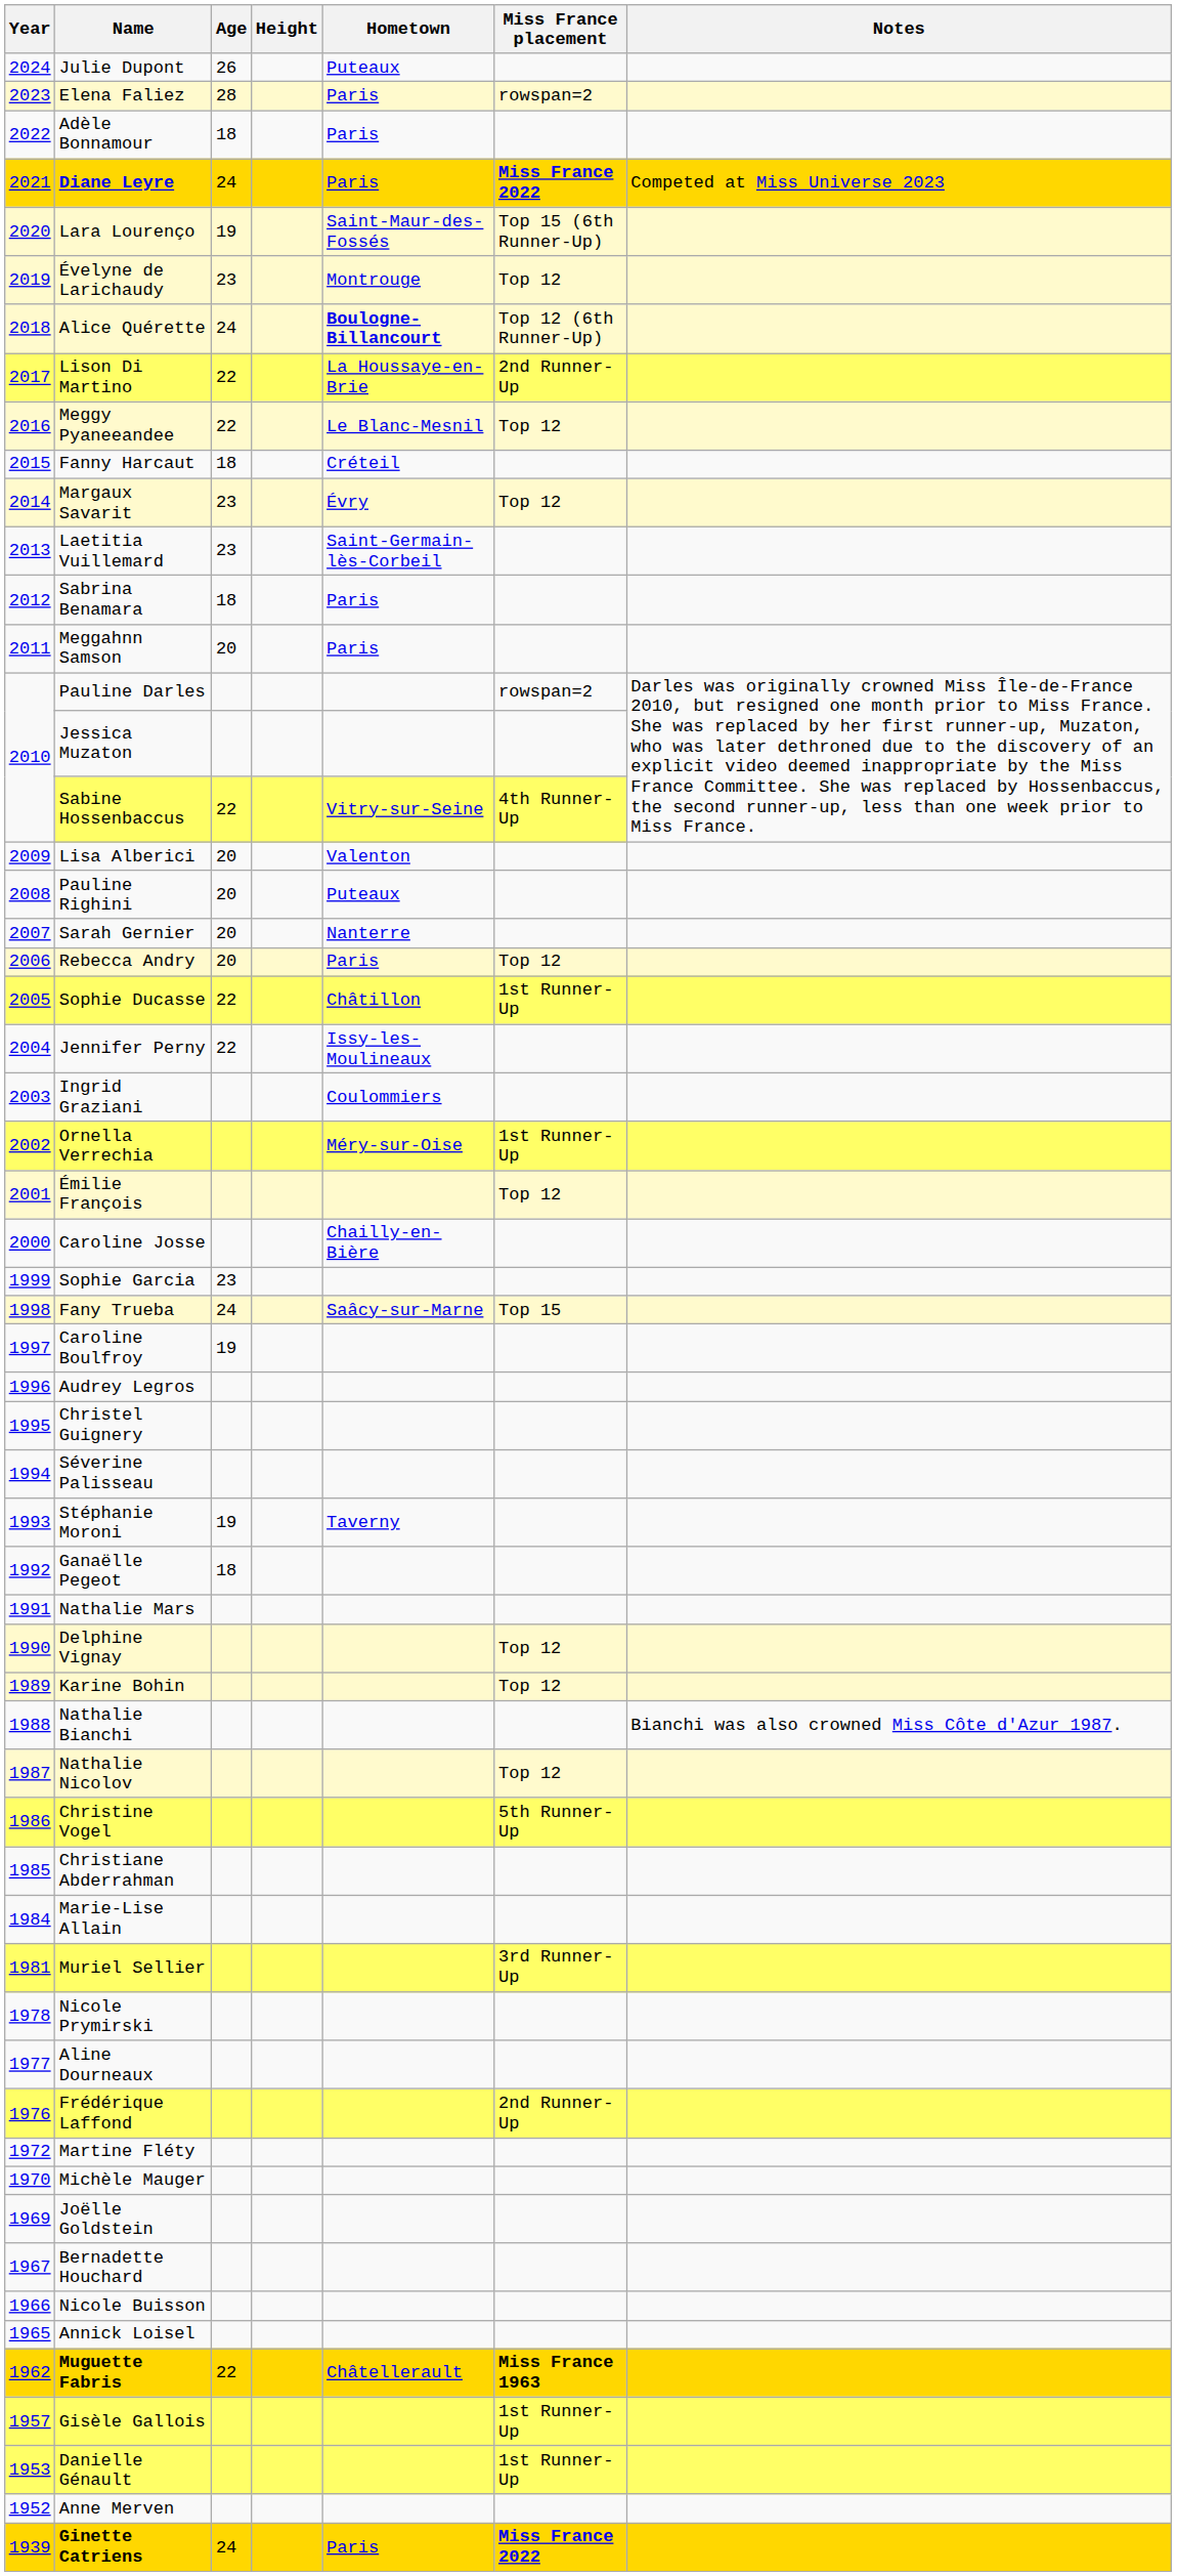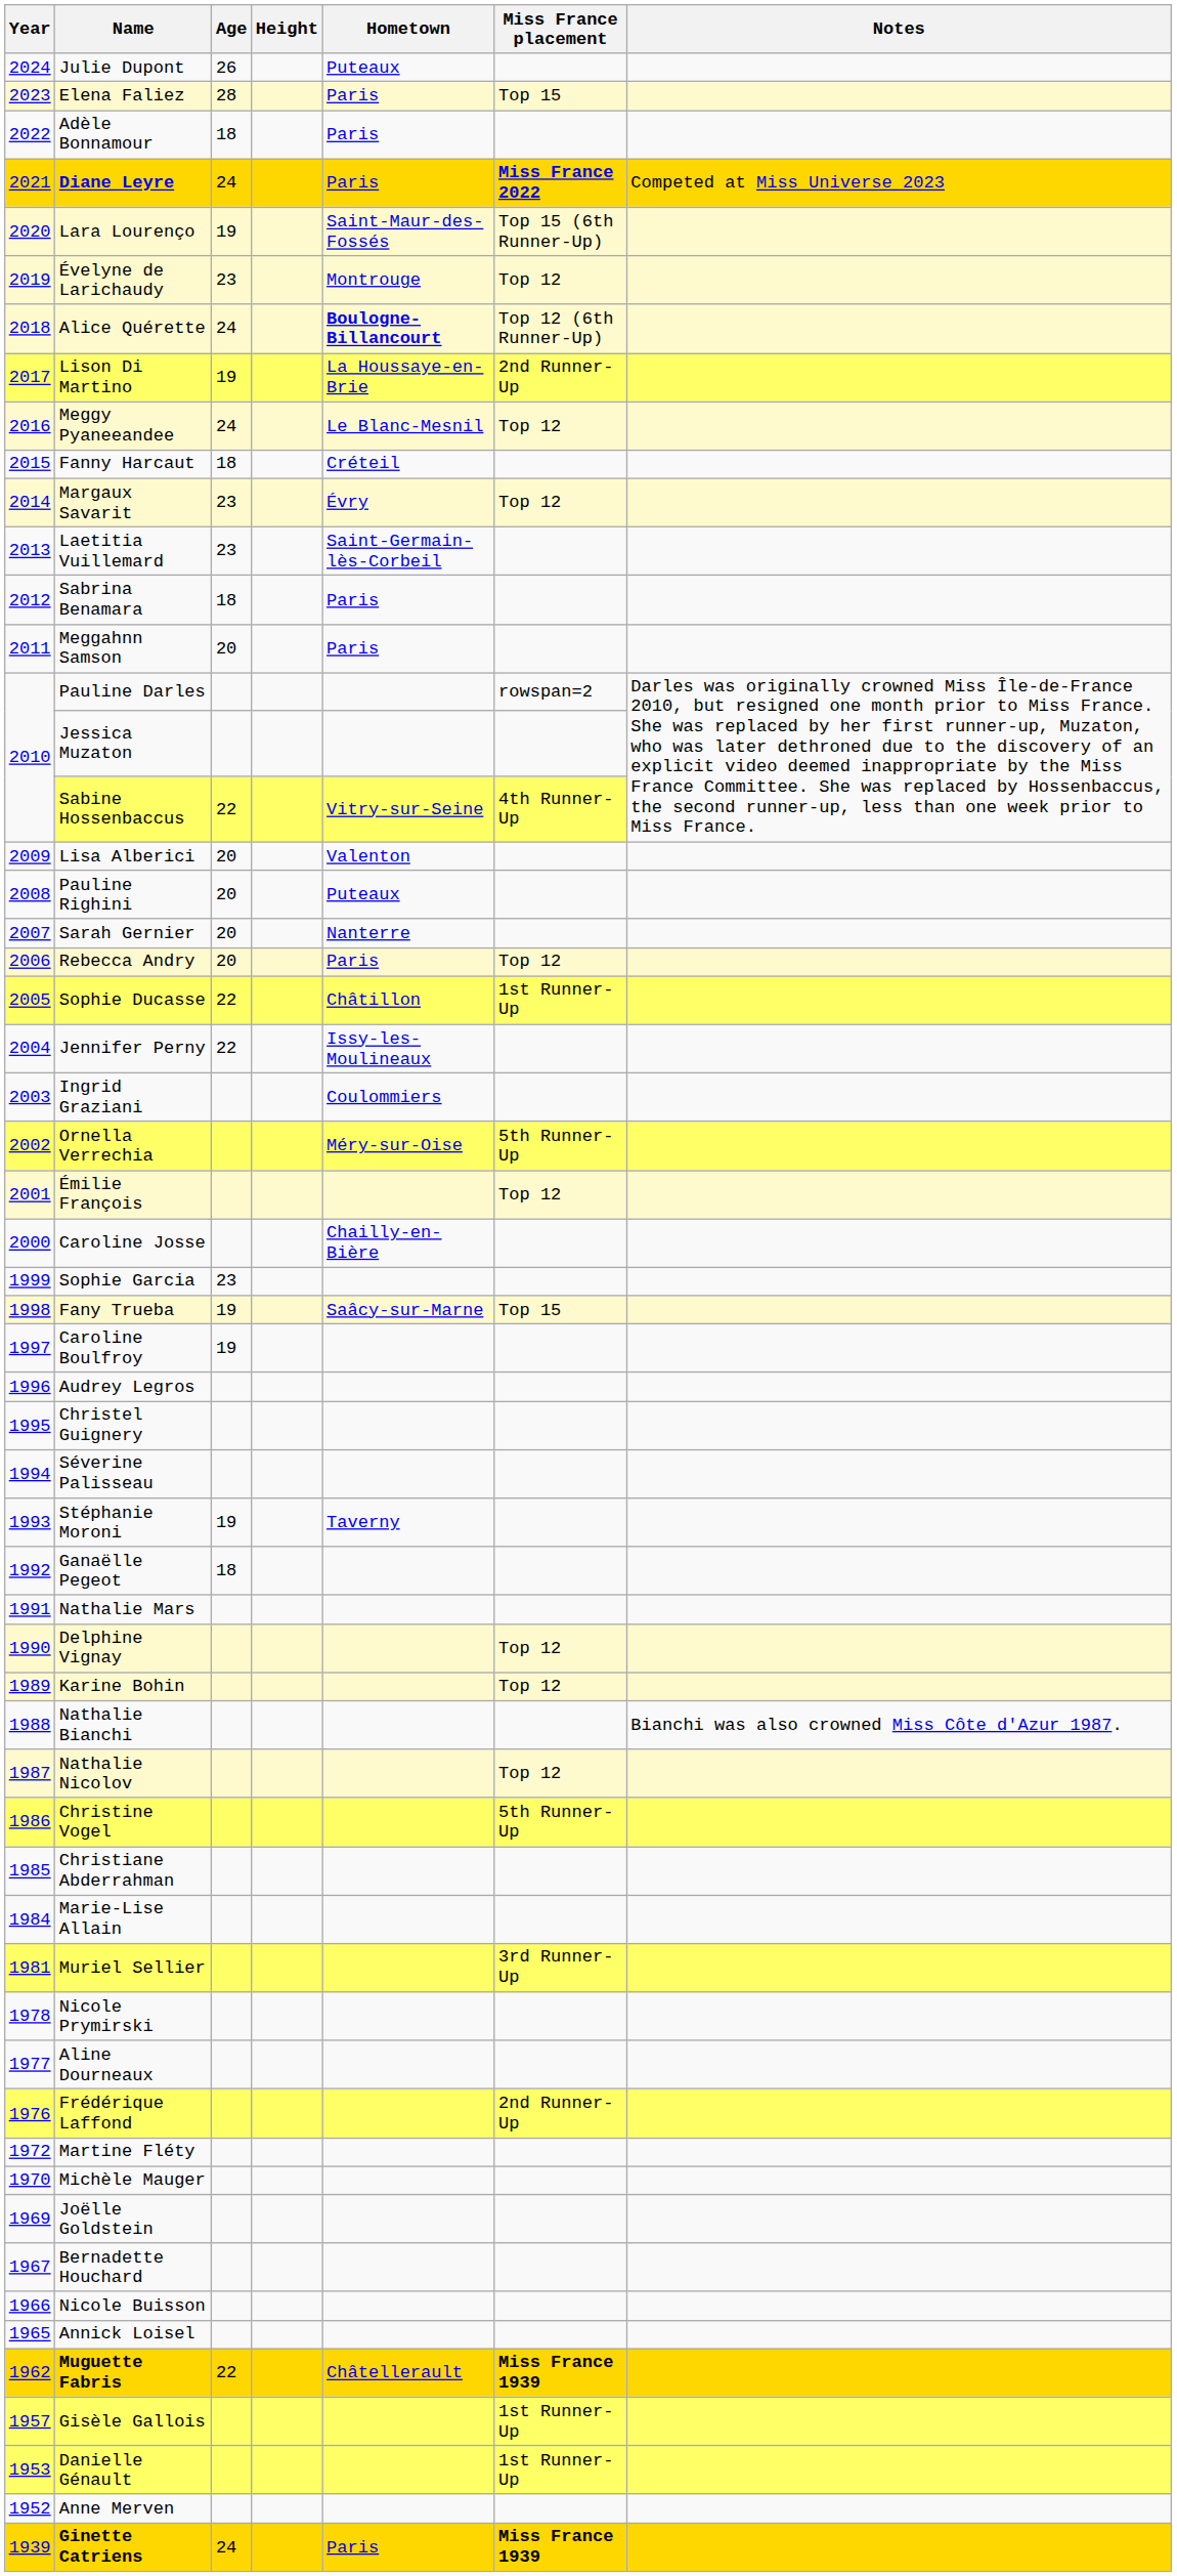 <table class="wikitable sortable">
 <tr>
 <th>Year</th>
 <th>Name</th>
 <th>Age</th>
 <th>Height</th>
 <th>Hometown</th>
 <th>Miss France placement</th>
 <th width=400>Notes</th>
 </tr>
 <tr>
 <td><a href='#'>2024</a></td>
 <td>Julie Dupont</td>
 <td>26</td>
 <td></td>
 <td><a href='#'>Puteaux</a></td>
 <td></td>
 <td></td>
 </tr>
 <tr bgcolor=#FFFACD>
 <td><a href='#'>2023</a></td>
 <td>Elena Faliez</td>
 <td>28</td>
 <td></td>
 <td><a href='#'>Paris</a></td>
-<td>rowspan=2 </td>
+<td>Top 15</td>
 <td></td>
 </tr>
 <tr>
 <td><a href='#'>2022</a></td>
 <td>Adèle Bonnamour</td>
 <td>18</td>
 <td></td>
 <td><a href='#'>Paris</a></td>
 <td></td>
 <td></td>
 </tr>
 <tr bgcolor=gold>
 <td><a href='#'>2021</a></td>
 <td><strong><a href='#'>Diane Leyre</a></strong></td>
 <td>24</td>
 <td></td>
 <td><a href='#'>Paris</a></td>
 <td><strong><a href='#'>Miss France 2022</a></strong></td>
 <td>Competed at <a href='#'>Miss Universe 2023</a></td>
 </tr>
 <tr bgcolor=#FFFACD>
 <td><a href='#'>2020</a></td>
 <td>Lara Lourenço</td>
 <td>19</td>
 <td></td>
 <td><a href='#'>Saint-Maur-des-Fossés</a></td>
 <td>Top 15 (6th Runner-Up)</td>
 <td></td>
 </tr>
 <tr bgcolor=#FFFACD>
 <td><a href='#'>2019</a></td>
 <td>Évelyne de Larichaudy</td>
 <td>23</td>
 <td></td>
 <td><a href='#'>Montrouge</a></td>
 <td>Top 12</td>
 <td></td>
 </tr>
 <tr bgcolor=#FFFACD>
 <td><a href='#'>2018</a></td>
 <td>Alice Quérette</td>
 <td>24</td>
 <td></td>
 <td><strong><a href='#'>Boulogne-Billancourt</a></strong></td>
 <td>Top 12 (6th Runner-Up)</td>
 <td></td>
 </tr>
 <tr bgcolor=#FFFF66>
 <td><a href='#'>2017</a></td>
 <td>Lison Di Martino</td>
-<td>22</td>
+<td>19</td>
 <td></td>
 <td><a href='#'>La Houssaye-en-Brie</a></td>
 <td>2nd Runner-Up</td>
 <td></td>
 </tr>
 <tr bgcolor=#FFFACD>
 <td><a href='#'>2016</a></td>
 <td>Meggy Pyaneeandee</td>
-<td>22</td>
+<td>24</td>
 <td></td>
 <td><a href='#'>Le Blanc-Mesnil</a></td>
 <td>Top 12</td>
 <td></td>
 </tr>
 <tr>
 <td><a href='#'>2015</a></td>
 <td>Fanny Harcaut</td>
 <td>18</td>
 <td></td>
 <td><a href='#'>Créteil</a></td>
 <td></td>
 <td></td>
 </tr>
 <tr bgcolor=#FFFACD>
 <td><a href='#'>2014</a></td>
 <td>Margaux Savarit</td>
 <td>23</td>
 <td></td>
 <td><a href='#'>Évry</a></td>
 <td>Top 12</td>
 <td></td>
 </tr>
 <tr>
 <td><a href='#'>2013</a></td>
 <td>Laetitia Vuillemard</td>
 <td>23</td>
 <td></td>
 <td><a href='#'>Saint-Germain-lès-Corbeil</a></td>
 <td></td>
 <td></td>
 </tr>
 <tr>
 <td><a href='#'>2012</a></td>
 <td>Sabrina Benamara</td>
 <td>18</td>
 <td></td>
 <td><a href='#'>Paris</a></td>
 <td></td>
 <td></td>
 </tr>
 <tr>
 <td><a href='#'>2011</a></td>
 <td>Meggahnn Samson</td>
 <td>20</td>
 <td></td>
 <td><a href='#'>Paris</a></td>
 <td></td>
 <td></td>
 </tr>
 <tr>
 <td rowspan=3><a href='#'>2010</a></td>
 <td>Pauline Darles</td>
 <td></td>
 <td></td>
 <td></td>
 <td>rowspan=2 </td>
 <td rowspan=3>Darles was originally crowned Miss Île-de-France 2010, but resigned one month prior to Miss France. She was replaced by her first runner-up, Muzaton, who was later dethroned due to the discovery of an explicit video deemed inappropriate by the Miss France Committee. She was replaced by Hossenbaccus, the second runner-up, less than one week prior to Miss France.</td>
 </tr>
 <tr>
 <td>Jessica Muzaton</td>
 <td></td>
 <td></td>
 <td></td>
 </tr>
 <tr bgcolor=#FFFF66>
 <td>Sabine Hossenbaccus</td>
 <td>22</td>
 <td></td>
 <td><a href='#'>Vitry-sur-Seine</a></td>
 <td>4th Runner-Up</td>
 </tr>
 <tr>
 <td><a href='#'>2009</a></td>
 <td>Lisa Alberici</td>
 <td>20</td>
 <td></td>
 <td><a href='#'>Valenton</a></td>
 <td></td>
 <td></td>
 </tr>
 <tr>
 <td><a href='#'>2008</a></td>
 <td>Pauline Righini</td>
 <td>20</td>
 <td></td>
 <td><a href='#'>Puteaux</a></td>
 <td></td>
 <td></td>
 </tr>
 <tr>
 <td><a href='#'>2007</a></td>
 <td>Sarah Gernier</td>
 <td>20</td>
 <td></td>
 <td><a href='#'>Nanterre</a></td>
 <td></td>
 <td></td>
 </tr>
 <tr bgcolor=#FFFACD>
 <td><a href='#'>2006</a></td>
 <td>Rebecca Andry</td>
 <td>20</td>
 <td></td>
 <td><a href='#'>Paris</a></td>
 <td>Top 12</td>
 <td></td>
 </tr>
 <tr bgcolor=#FFFF66>
 <td><a href='#'>2005</a></td>
 <td>Sophie Ducasse</td>
 <td>22</td>
 <td></td>
 <td><a href='#'>Châtillon</a></td>
 <td>1st Runner-Up</td>
 <td></td>
 </tr>
 <tr>
 <td><a href='#'>2004</a></td>
 <td>Jennifer Perny</td>
 <td>22</td>
 <td></td>
 <td><a href='#'>Issy-les-Moulineaux</a></td>
 <td></td>
 <td></td>
 </tr>
 <tr>
 <td><a href='#'>2003</a></td>
 <td>Ingrid Graziani</td>
 <td></td>
 <td></td>
 <td><a href='#'>Coulommiers</a></td>
 <td></td>
 <td></td>
 </tr>
 <tr bgcolor=#FFFF66>
 <td><a href='#'>2002</a></td>
 <td>Ornella Verrechia</td>
 <td></td>
 <td></td>
 <td><a href='#'>Méry-sur-Oise</a></td>
-<td>1st Runner-Up</td>
+<td>5th Runner-Up</td>
 <td></td>
 </tr>
 <tr bgcolor=#FFFACD>
 <td><a href='#'>2001</a></td>
 <td>Émilie François</td>
 <td></td>
 <td></td>
 <td></td>
 <td>Top 12</td>
 <td></td>
 </tr>
 <tr>
 <td><a href='#'>2000</a></td>
 <td>Caroline Josse</td>
 <td></td>
 <td></td>
 <td><a href='#'>Chailly-en-Bière</a></td>
 <td></td>
 <td></td>
 </tr>
 <tr>
 <td><a href='#'>1999</a></td>
 <td>Sophie Garcia</td>
 <td>23</td>
 <td></td>
 <td></td>
 <td></td>
 <td></td>
 </tr>
 <tr bgcolor=#FFFACD>
 <td><a href='#'>1998</a></td>
 <td>Fany Trueba</td>
-<td>24</td>
+<td>19</td>
 <td></td>
 <td><a href='#'>Saâcy-sur-Marne</a></td>
 <td>Top 15</td>
 <td></td>
 </tr>
 <tr>
 <td><a href='#'>1997</a></td>
 <td>Caroline Boulfroy</td>
 <td>19</td>
 <td></td>
 <td></td>
 <td></td>
 <td></td>
 </tr>
 <tr>
 <td><a href='#'>1996</a></td>
 <td>Audrey Legros</td>
 <td></td>
 <td></td>
 <td></td>
 <td></td>
 <td></td>
 </tr>
 <tr>
 <td><a href='#'>1995</a></td>
 <td>Christel Guignery</td>
 <td></td>
 <td></td>
 <td></td>
 <td></td>
 <td></td>
 </tr>
 <tr>
 <td><a href='#'>1994</a></td>
 <td>Séverine Palisseau</td>
 <td></td>
 <td></td>
 <td></td>
 <td></td>
 <td></td>
 </tr>
 <tr>
 <td><a href='#'>1993</a></td>
 <td>Stéphanie Moroni</td>
 <td>19</td>
 <td></td>
 <td><a href='#'>Taverny</a></td>
 <td></td>
 <td></td>
 </tr>
 <tr>
 <td><a href='#'>1992</a></td>
 <td>Ganaëlle Pegeot</td>
 <td>18</td>
 <td></td>
 <td></td>
 <td></td>
 <td></td>
 </tr>
 <tr>
 <td><a href='#'>1991</a></td>
 <td>Nathalie Mars</td>
 <td></td>
 <td></td>
 <td></td>
 <td></td>
 <td></td>
 </tr>
 <tr bgcolor=#FFFACD>
 <td><a href='#'>1990</a></td>
 <td>Delphine Vignay</td>
 <td></td>
 <td></td>
 <td></td>
 <td>Top 12</td>
 <td></td>
 </tr>
 <tr bgcolor=#FFFACD>
 <td><a href='#'>1989</a></td>
 <td>Karine Bohin</td>
 <td></td>
 <td></td>
 <td></td>
 <td>Top 12</td>
 <td></td>
 </tr>
 <tr>
 <td><a href='#'>1988</a></td>
 <td>Nathalie Bianchi</td>
 <td></td>
 <td></td>
 <td></td>
 <td></td>
 <td>Bianchi was also crowned <a href='#'>Miss Côte d'Azur 1987</a>.</td>
 </tr>
 <tr bgcolor=#FFFACD>
 <td><a href='#'>1987</a></td>
 <td>Nathalie Nicolov</td>
 <td></td>
 <td></td>
 <td></td>
 <td>Top 12</td>
 <td></td>
 </tr>
 <tr bgcolor=#FFFF66>
 <td><a href='#'>1986</a></td>
 <td>Christine Vogel</td>
 <td></td>
 <td></td>
 <td></td>
 <td>5th Runner-Up</td>
 <td></td>
 </tr>
 <tr>
 <td><a href='#'>1985</a></td>
 <td>Christiane Abderrahman</td>
 <td></td>
 <td></td>
 <td></td>
 <td></td>
 <td></td>
 </tr>
 <tr>
 <td><a href='#'>1984</a></td>
 <td>Marie-Lise Allain</td>
 <td></td>
 <td></td>
 <td></td>
 <td></td>
 <td></td>
 </tr>
 <tr bgcolor=#FFFF66>
 <td><a href='#'>1981</a></td>
 <td>Muriel Sellier</td>
 <td></td>
 <td></td>
 <td></td>
 <td>3rd Runner-Up</td>
 <td></td>
 </tr>
 <tr>
 <td><a href='#'>1978</a></td>
 <td>Nicole Prymirski</td>
 <td></td>
 <td></td>
 <td></td>
 <td></td>
 <td></td>
 </tr>
 <tr>
 <td><a href='#'>1977</a></td>
 <td>Aline Dourneaux</td>
 <td></td>
 <td></td>
 <td></td>
 <td></td>
 <td></td>
 </tr>
 <tr bgcolor=#FFFF66>
 <td><a href='#'>1976</a></td>
 <td>Frédérique Laffond</td>
 <td></td>
 <td></td>
 <td></td>
 <td>2nd Runner-Up</td>
 <td></td>
 </tr>
 <tr>
 <td><a href='#'>1972</a></td>
 <td>Martine Fléty</td>
 <td></td>
 <td></td>
 <td></td>
 <td></td>
 <td></td>
 </tr>
 <tr>
 <td><a href='#'>1970</a></td>
 <td>Michèle Mauger</td>
 <td></td>
 <td></td>
 <td></td>
 <td></td>
 <td></td>
 </tr>
 <tr>
 <td><a href='#'>1969</a></td>
 <td>Joëlle Goldstein</td>
 <td></td>
 <td></td>
 <td></td>
 <td></td>
 <td></td>
 </tr>
 <tr>
 <td><a href='#'>1967</a></td>
 <td>Bernadette Houchard</td>
 <td></td>
 <td></td>
 <td></td>
 <td></td>
 <td></td>
 </tr>
 <tr>
 <td><a href='#'>1966</a></td>
 <td>Nicole Buisson</td>
 <td></td>
 <td></td>
 <td></td>
 <td></td>
 <td></td>
 </tr>
 <tr>
 <td><a href='#'>1965</a></td>
 <td>Annick Loisel</td>
 <td></td>
 <td></td>
 <td></td>
 <td></td>
 <td></td>
 </tr>
 <tr bgcolor=gold>
 <td><a href='#'>1962</a></td>
 <td><strong>Muguette Fabris</strong></td>
 <td>22</td>
 <td></td>
 <td><a href='#'>Châtellerault</a></td>
-<td><strong>Miss France 1963</strong></td>
+<td><strong>Miss France 1939</strong></td>
 <td></td>
 </tr>
 <tr bgcolor=#FFFF66>
 <td><a href='#'>1957</a></td>
 <td>Gisèle Gallois</td>
 <td></td>
 <td></td>
 <td></td>
 <td>1st Runner-Up</td>
 <td></td>
 </tr>
 <tr bgcolor=#FFFF66>
 <td><a href='#'>1953</a></td>
 <td>Danielle Génault</td>
 <td></td>
 <td></td>
 <td></td>
 <td>1st Runner-Up</td>
 <td></td>
 </tr>
 <tr>
 <td><a href='#'>1952</a></td>
 <td>Anne Merven</td>
 <td></td>
 <td></td>
 <td></td>
 <td></td>
 <td></td>
 </tr>
 <tr bgcolor=gold>
 <td><a href='#'>1939</a></td>
 <td><strong>Ginette Catriens</strong></td>
 <td>24</td>
 <td></td>
 <td><a href='#'>Paris</a></td>
-<td><strong><a href='#'>Miss France 2022</a></strong></td>
+<td><strong>Miss France 1939</strong></td>
 <td></td>
 </tr>
 <tr>
 </tr>
 </table>
